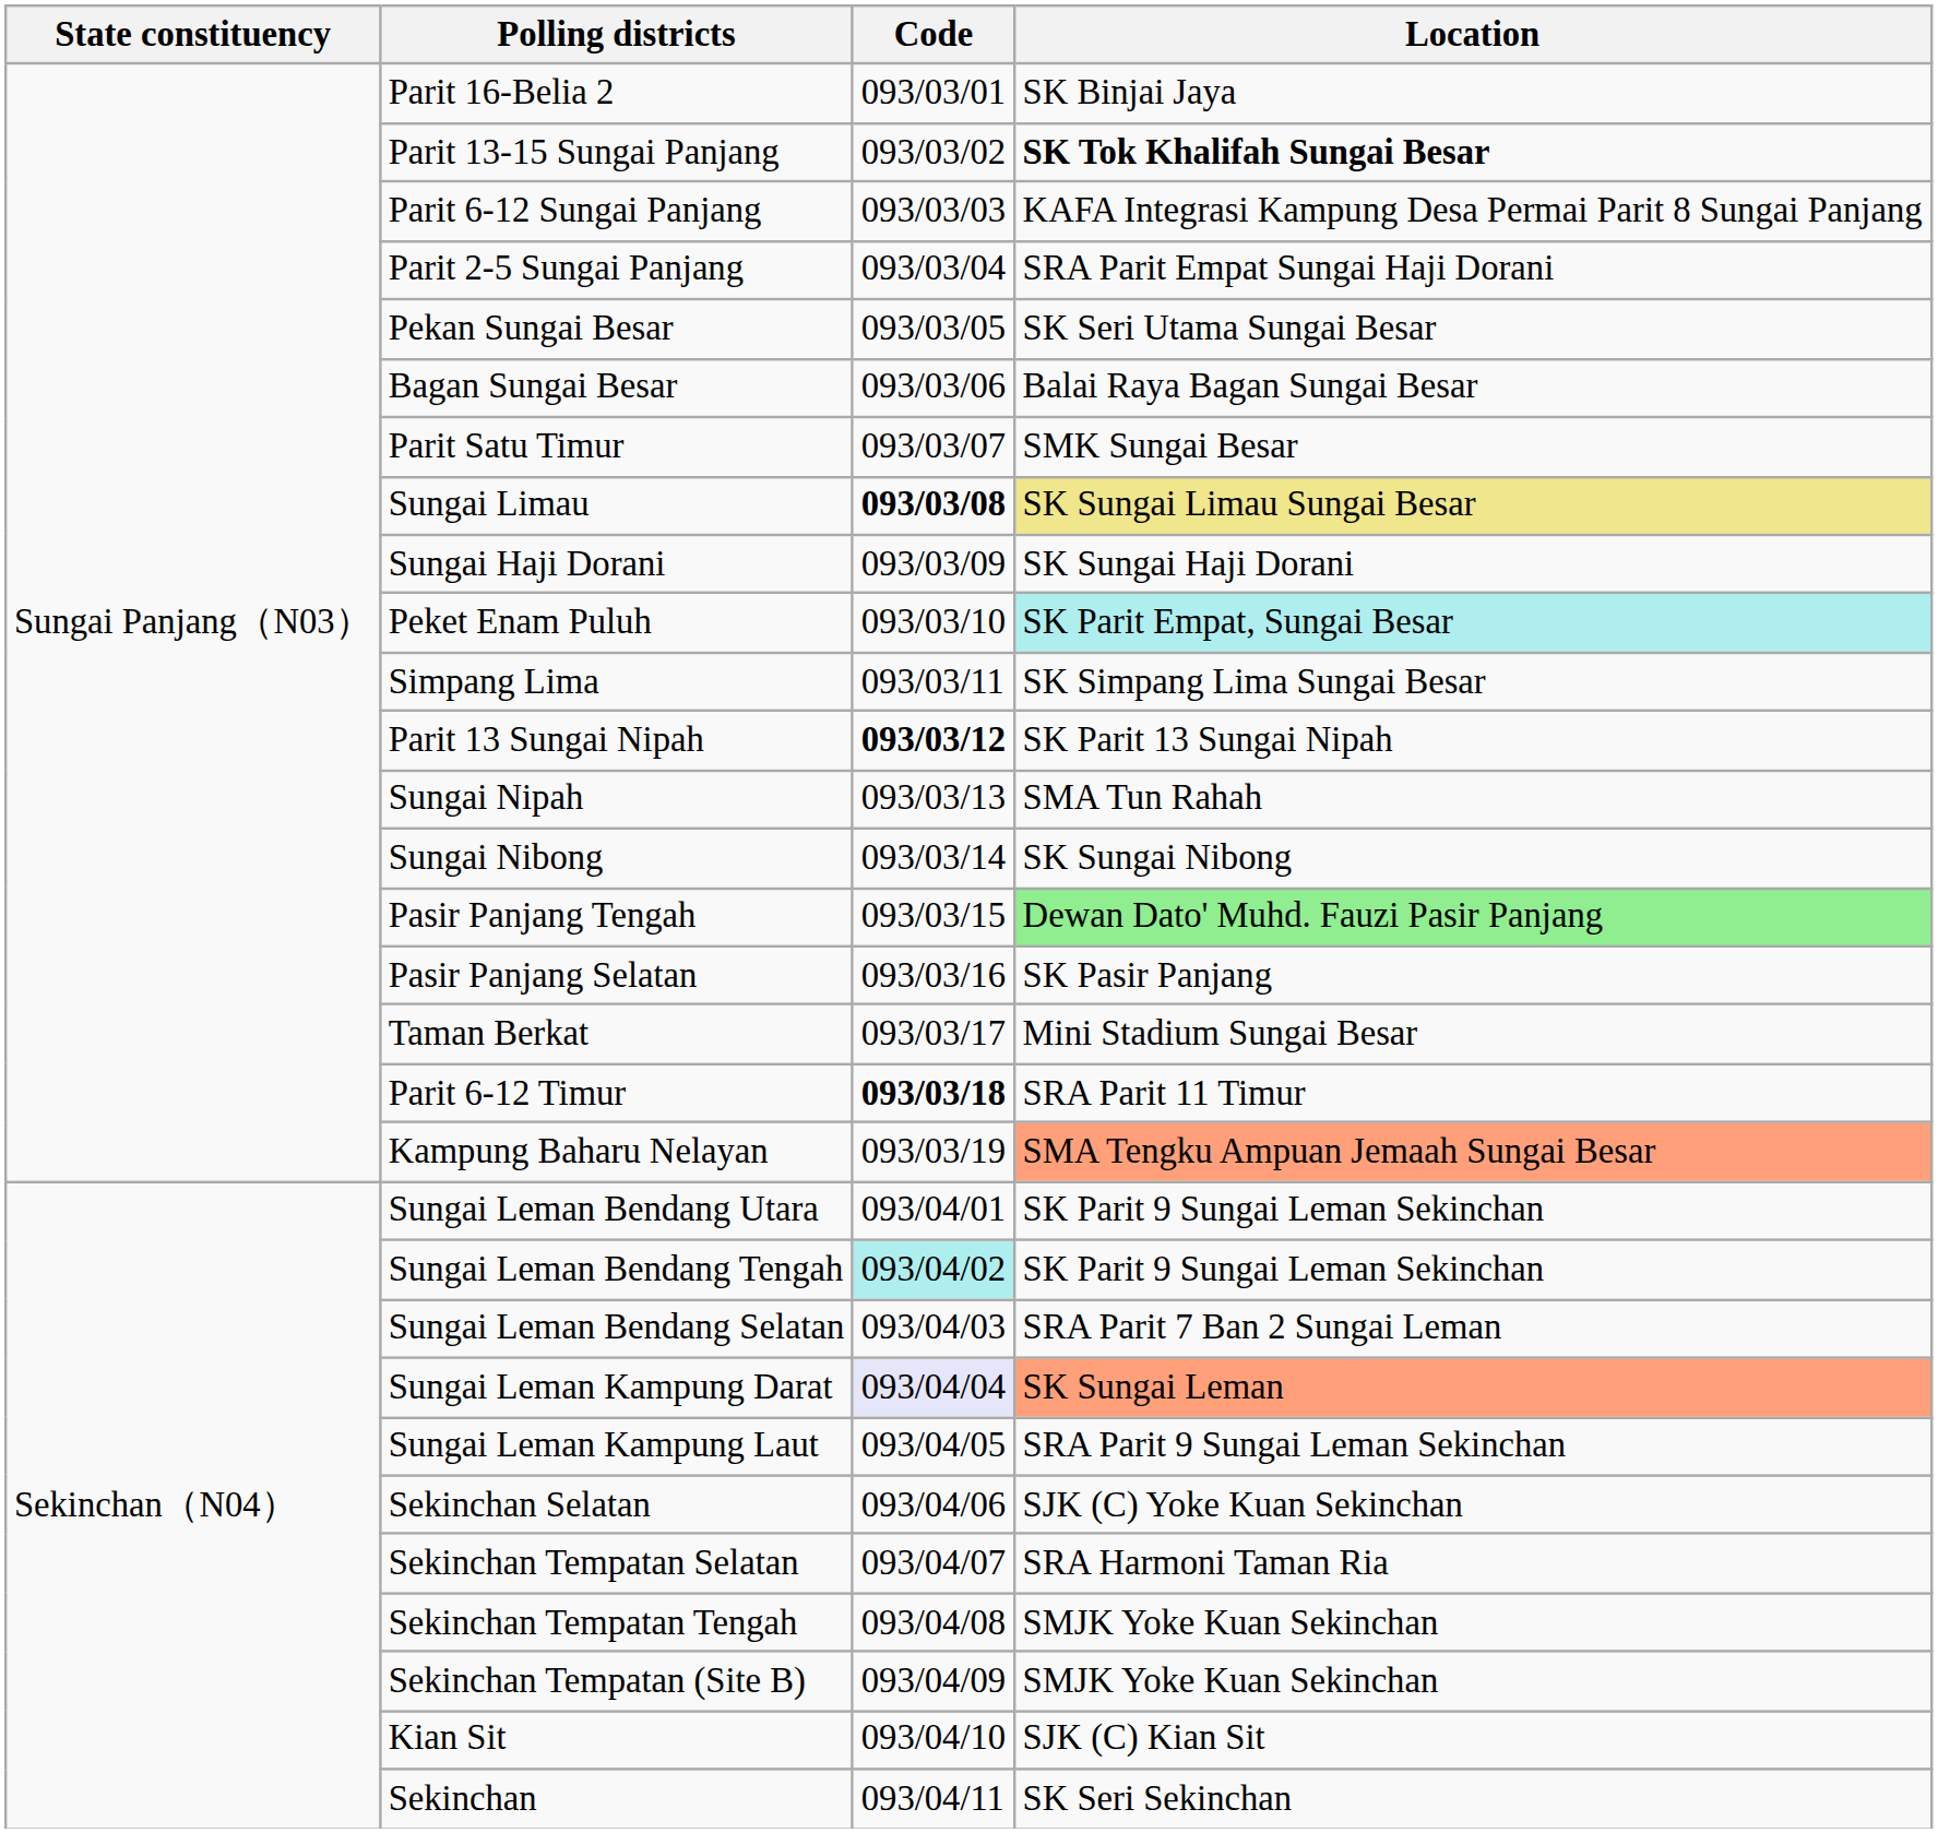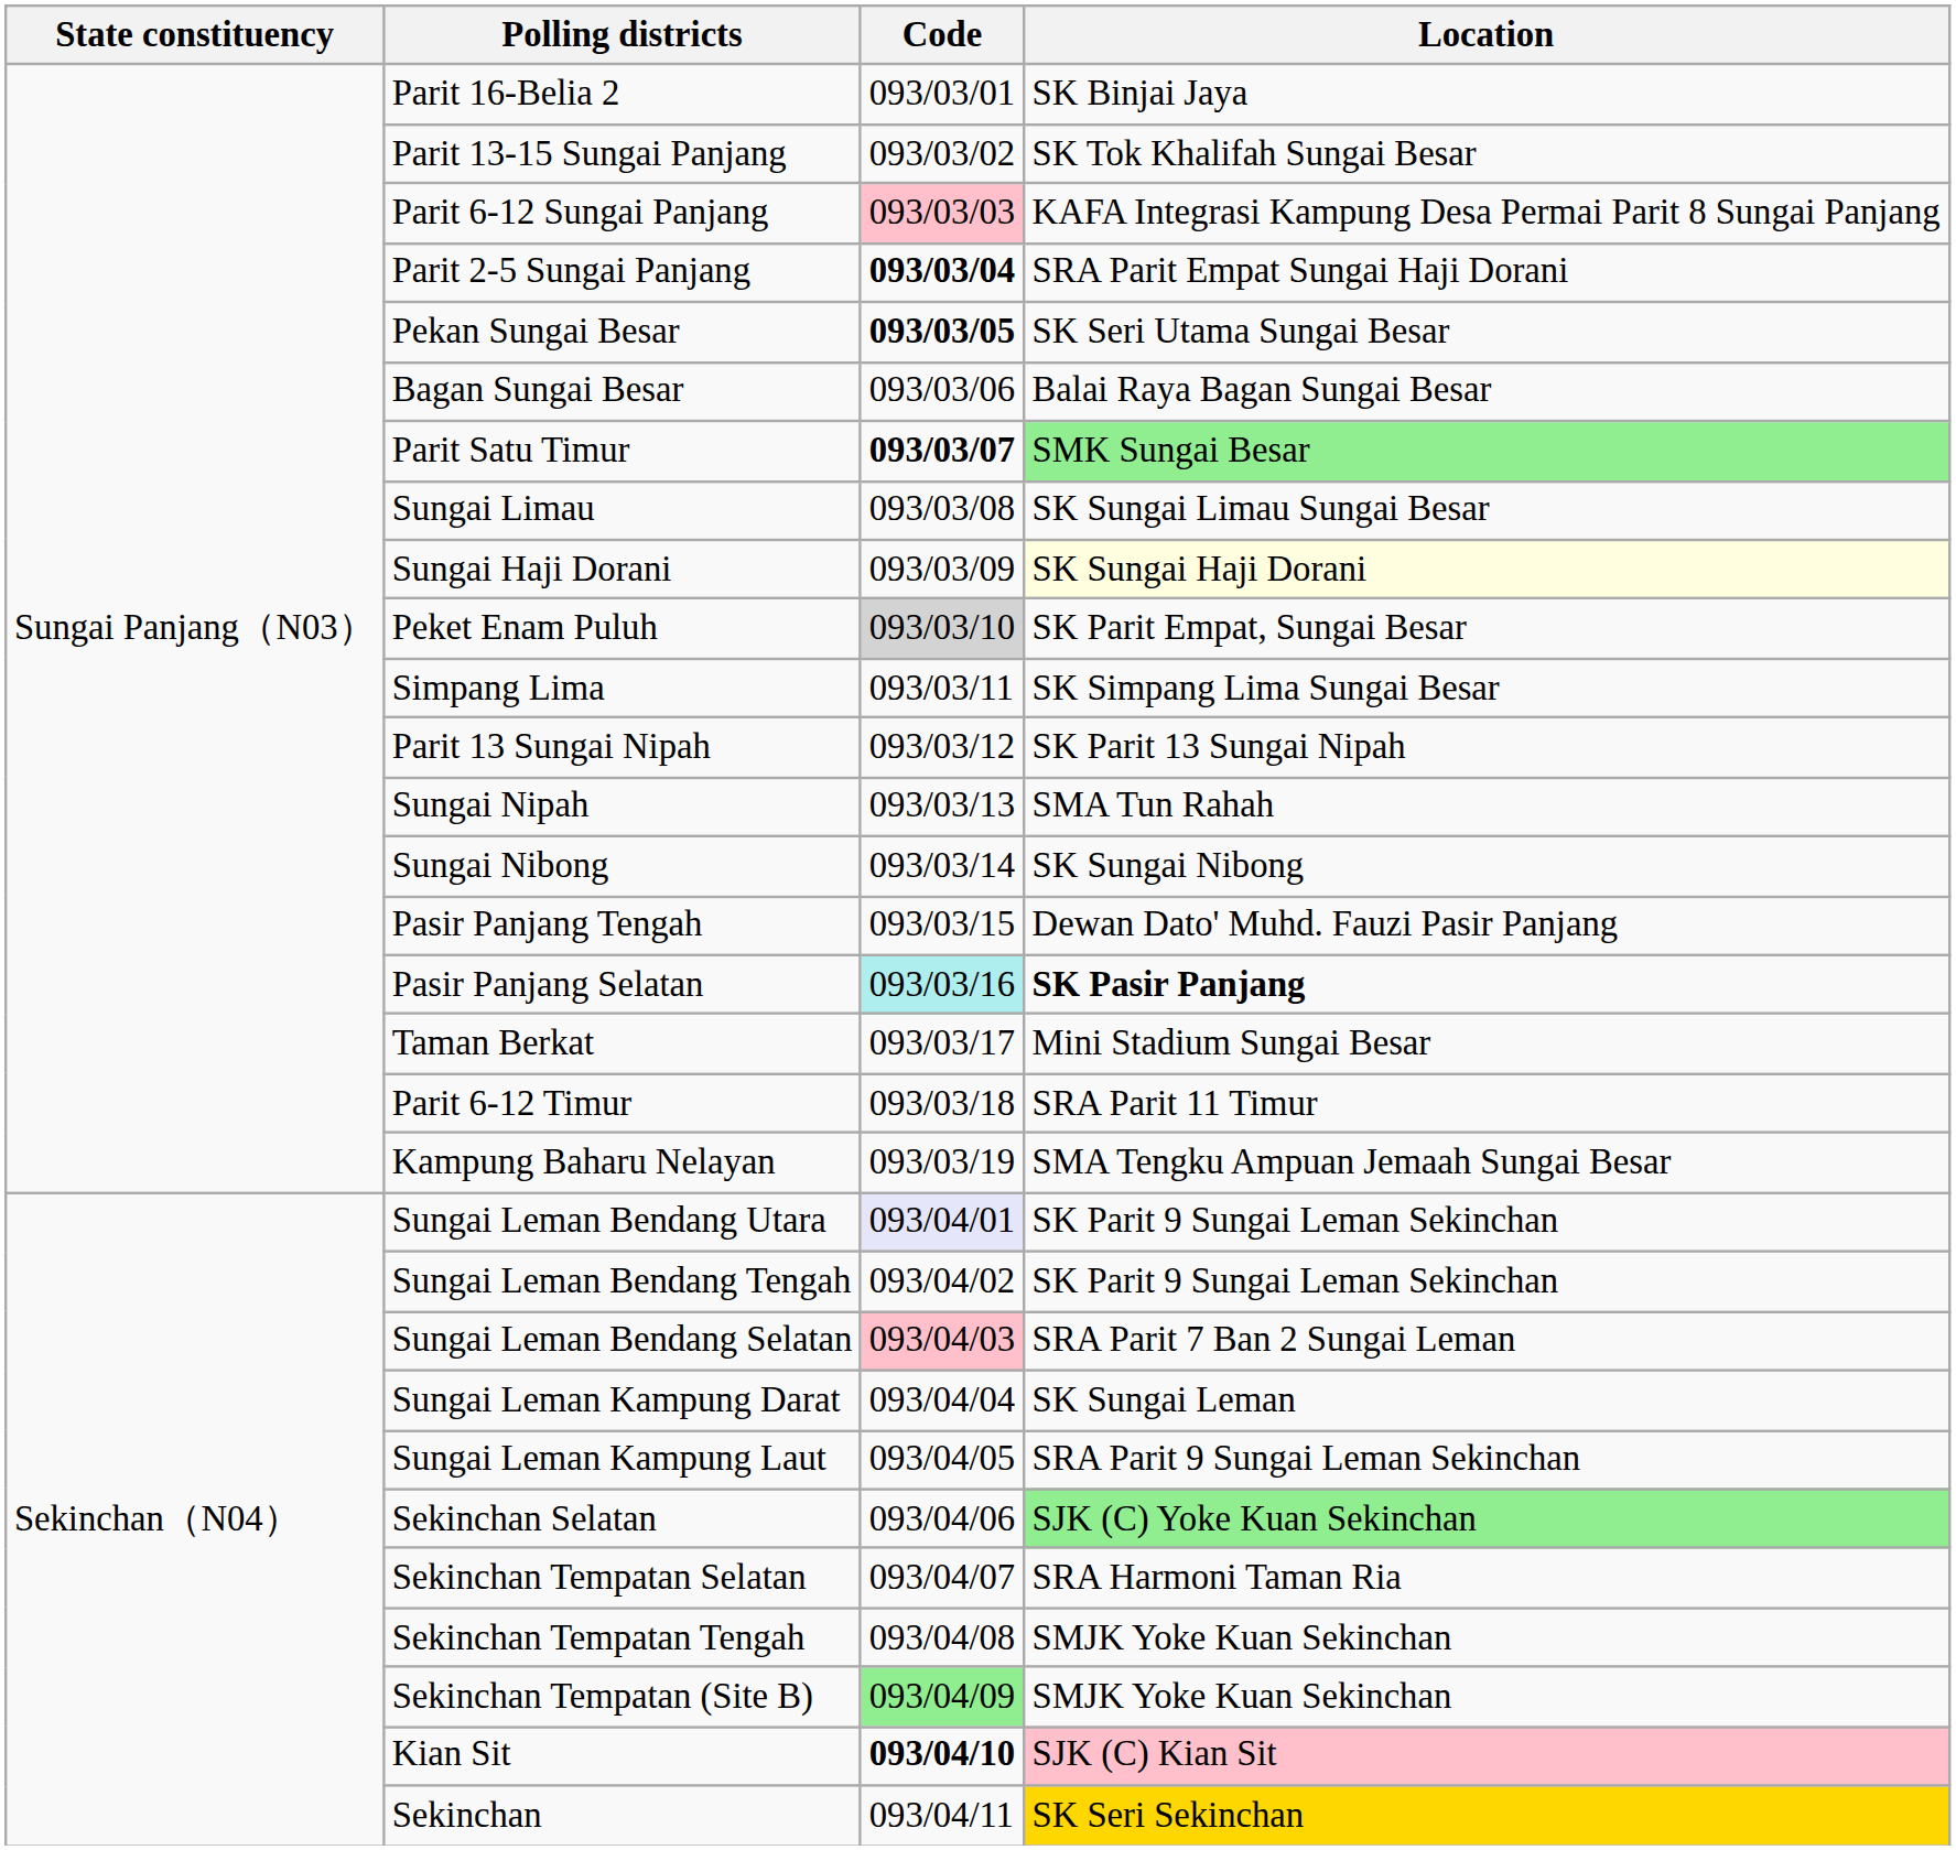 <table class="wikitable sortable mw-collapsible" style="white-space:nowrap;font-size:85%">
 <tr>
 <th>State constituency</th>
 <th>Polling districts</th>
 <th>Code</th>
 <th>Location</th>
 </tr>
 <tr>
 <td rowspan="19">Sungai Panjang（N03）</td>
 <td>Parit 16-Belia 2</td>
 <td>093/03/01</td>
 <td>SK Binjai Jaya</td>
 </tr>
 <tr>
 <td>Parit 13-15 Sungai Panjang</td>
 <td>093/03/02</td>
-<td><strong>SK Tok Khalifah Sungai Besar</strong></td>
+<td>SK Tok Khalifah Sungai Besar</td>
 </tr>
 <tr>
 <td>Parit 6-12 Sungai Panjang</td>
-<td>093/03/03</td>
+<td style="background: pink;">093/03/03</td>
 <td>KAFA Integrasi Kampung Desa Permai Parit 8 Sungai Panjang</td>
 </tr>
 <tr>
 <td>Parit 2-5 Sungai Panjang</td>
-<td>093/03/04</td>
+<td><strong>093/03/04</strong></td>
 <td>SRA Parit Empat Sungai Haji Dorani</td>
 </tr>
 <tr>
 <td>Pekan Sungai Besar</td>
-<td>093/03/05</td>
+<td><strong>093/03/05</strong></td>
 <td>SK Seri Utama Sungai Besar</td>
 </tr>
 <tr>
 <td>Bagan Sungai Besar</td>
 <td>093/03/06</td>
 <td>Balai Raya Bagan Sungai Besar</td>
 </tr>
 <tr>
 <td>Parit Satu Timur</td>
-<td>093/03/07</td>
-<td>SMK Sungai Besar</td>
+<td><strong>093/03/07</strong></td>
+<td style="background: lightgreen;">SMK Sungai Besar</td>
 </tr>
 <tr>
 <td>Sungai Limau</td>
-<td><strong>093/03/08</strong></td>
-<td style="background: khaki;">SK Sungai Limau Sungai Besar</td>
+<td>093/03/08</td>
+<td>SK Sungai Limau Sungai Besar</td>
 </tr>
 <tr>
 <td>Sungai Haji Dorani</td>
 <td>093/03/09</td>
-<td>SK Sungai Haji Dorani</td>
+<td style="background: lightyellow;">SK Sungai Haji Dorani</td>
 </tr>
 <tr>
 <td>Peket Enam Puluh</td>
-<td>093/03/10</td>
-<td style="background: paleturquoise;">SK Parit Empat, Sungai Besar</td>
+<td style="background: lightgrey;">093/03/10</td>
+<td>SK Parit Empat, Sungai Besar</td>
 </tr>
 <tr>
 <td>Simpang Lima</td>
 <td>093/03/11</td>
 <td>SK Simpang Lima Sungai Besar</td>
 </tr>
 <tr>
 <td>Parit 13 Sungai Nipah</td>
-<td><strong>093/03/12</strong></td>
+<td>093/03/12</td>
 <td>SK Parit 13 Sungai Nipah</td>
 </tr>
 <tr>
 <td>Sungai Nipah</td>
 <td>093/03/13</td>
 <td>SMA Tun Rahah</td>
 </tr>
 <tr>
 <td>Sungai Nibong</td>
 <td>093/03/14</td>
 <td>SK Sungai Nibong</td>
 </tr>
 <tr>
 <td>Pasir Panjang Tengah</td>
 <td>093/03/15</td>
-<td style="background: lightgreen;">Dewan Dato' Muhd. Fauzi Pasir Panjang</td>
+<td>Dewan Dato' Muhd. Fauzi Pasir Panjang</td>
 </tr>
 <tr>
 <td>Pasir Panjang Selatan</td>
-<td>093/03/16</td>
-<td>SK Pasir Panjang</td>
+<td style="background: paleturquoise;">093/03/16</td>
+<td><strong>SK Pasir Panjang</strong></td>
 </tr>
 <tr>
 <td>Taman Berkat</td>
 <td>093/03/17</td>
 <td>Mini Stadium Sungai Besar</td>
 </tr>
 <tr>
 <td>Parit 6-12 Timur</td>
-<td><strong>093/03/18</strong></td>
+<td>093/03/18</td>
 <td>SRA Parit 11 Timur</td>
 </tr>
 <tr>
 <td>Kampung Baharu Nelayan</td>
 <td>093/03/19</td>
-<td style="background: lightsalmon;">SMA Tengku Ampuan Jemaah Sungai Besar</td>
+<td>SMA Tengku Ampuan Jemaah Sungai Besar</td>
 </tr>
 <tr>
 <td rowspan="11">Sekinchan（N04）</td>
 <td>Sungai Leman Bendang Utara</td>
-<td>093/04/01</td>
+<td style="background: lavender;">093/04/01</td>
 <td>SK Parit 9 Sungai Leman Sekinchan</td>
 </tr>
 <tr>
 <td>Sungai Leman Bendang Tengah</td>
-<td style="background: paleturquoise;">093/04/02</td>
+<td>093/04/02</td>
 <td>SK Parit 9 Sungai Leman Sekinchan</td>
 </tr>
 <tr>
 <td>Sungai Leman Bendang Selatan</td>
-<td>093/04/03</td>
+<td style="background: pink;">093/04/03</td>
 <td>SRA Parit 7 Ban 2 Sungai Leman</td>
 </tr>
 <tr>
 <td>Sungai Leman Kampung Darat</td>
-<td style="background: lavender;">093/04/04</td>
-<td style="background: lightsalmon;">SK Sungai Leman</td>
+<td>093/04/04</td>
+<td>SK Sungai Leman</td>
 </tr>
 <tr>
 <td>Sungai Leman Kampung Laut</td>
 <td>093/04/05</td>
 <td>SRA Parit 9 Sungai Leman Sekinchan</td>
 </tr>
 <tr>
 <td>Sekinchan Selatan</td>
 <td>093/04/06</td>
-<td>SJK (C) Yoke Kuan Sekinchan</td>
+<td style="background: lightgreen;">SJK (C) Yoke Kuan Sekinchan</td>
 </tr>
 <tr>
 <td>Sekinchan Tempatan Selatan</td>
 <td>093/04/07</td>
 <td>SRA Harmoni Taman Ria</td>
 </tr>
 <tr>
 <td>Sekinchan Tempatan Tengah</td>
 <td>093/04/08</td>
 <td>SMJK Yoke Kuan Sekinchan</td>
 </tr>
 <tr>
 <td>Sekinchan Tempatan (Site B)</td>
-<td>093/04/09</td>
+<td style="background: lightgreen;">093/04/09</td>
 <td>SMJK Yoke Kuan Sekinchan</td>
 </tr>
 <tr>
 <td>Kian Sit</td>
-<td>093/04/10</td>
-<td>SJK (C) Kian Sit</td>
+<td><strong>093/04/10</strong></td>
+<td style="background: pink;">SJK (C) Kian Sit</td>
 </tr>
 <tr>
 <td>Sekinchan</td>
 <td>093/04/11</td>
-<td>SK Seri Sekinchan</td>
+<td style="background: gold;">SK Seri Sekinchan</td>
 </tr>
 </table>
